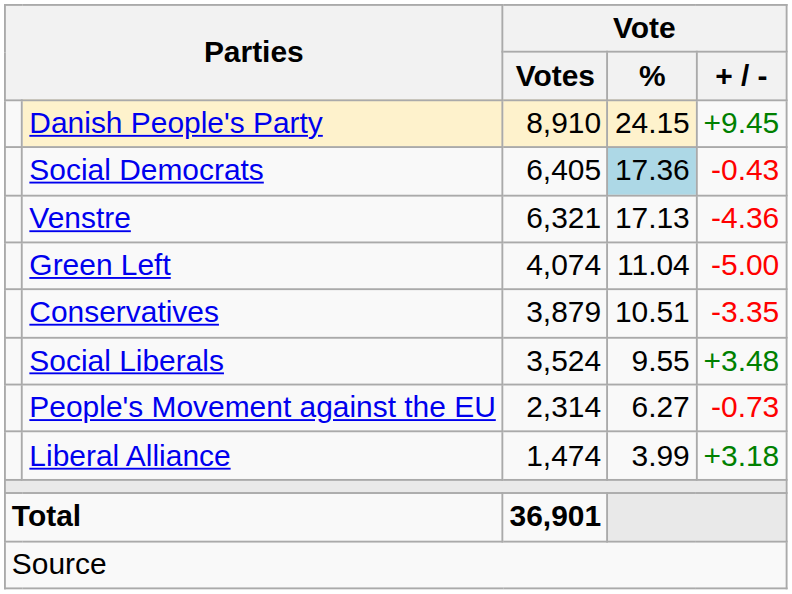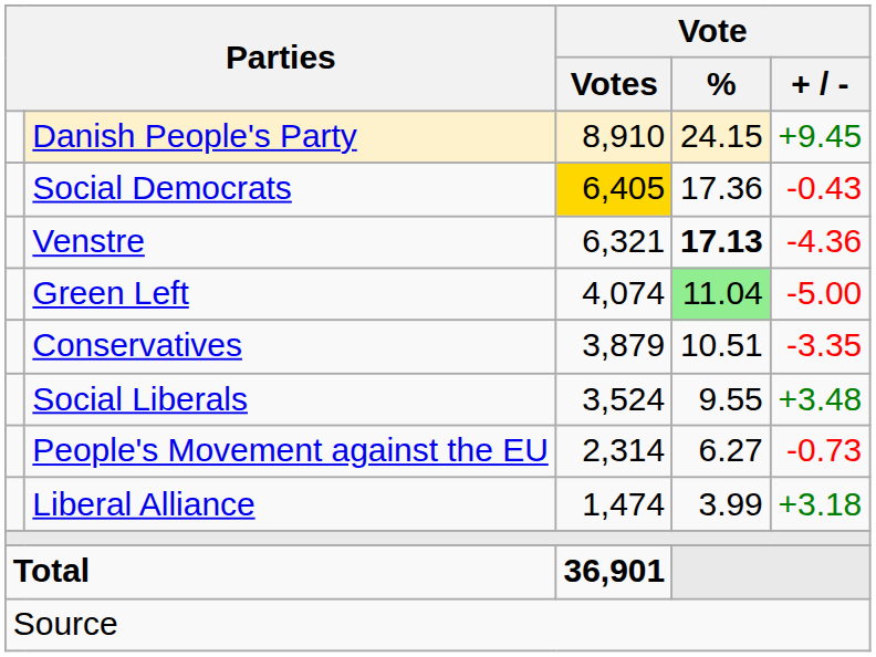 <table class="wikitable" style="text-align:right;">
 <tr>
 <th style="text-align:centre;" rowspan="2" colspan="2" width="225">Parties</th>
 <th colspan="3">Vote</th>
 </tr>
 <tr>
 <th width="15">Votes</th>
 <th width="15">%</th>
 <th width="15">+ / -</th>
 </tr>
 <tr>
 <td width="2" style="color:inherit;background:"></td>
 <td bgcolor=#fef2cc   align="left"><a href='#'>Danish People's Party</a></td>
 <td bgcolor=#fef2cc>8,910</td>
 <td bgcolor=#fef2cc>24.15</td>
 <td style=color:green;>+9.45</td>
 </tr>
 <tr>
 <td width="2" style="color:inherit;background:"></td>
 <td align="left"><a href='#'>Social Democrats</a></td>
-<td>6,405</td>
-<td style="background: lightblue;">17.36</td>
+<td style="background: gold;">6,405</td>
+<td>17.36</td>
 <td style=color:red;>-0.43</td>
 </tr>
 <tr>
 <td width="2" style="color:inherit;background:"></td>
 <td align="left"><a href='#'>Venstre</a></td>
 <td>6,321</td>
-<td>17.13</td>
+<td><strong>17.13</strong></td>
 <td style=color:red;>-4.36</td>
 </tr>
 <tr>
 <td width="2" style="color:inherit;background:"></td>
 <td align="left"><a href='#'>Green Left</a></td>
 <td>4,074</td>
-<td>11.04</td>
+<td style="background: lightgreen;">11.04</td>
 <td style=color:red;>-5.00</td>
 </tr>
 <tr>
 <td width="2" style="color:inherit;background:"></td>
 <td align="left"><a href='#'>Conservatives</a></td>
 <td>3,879</td>
 <td>10.51</td>
 <td style=color:red;>-3.35</td>
 </tr>
 <tr>
 <td width="2" style="color:inherit;background:"></td>
 <td align="left"><a href='#'>Social Liberals</a></td>
 <td>3,524</td>
 <td>9.55</td>
 <td style=color:green;>+3.48</td>
 </tr>
 <tr>
 <td width="2" style="color:inherit;background:"></td>
 <td align="left"><a href='#'>People's Movement against the EU</a></td>
 <td>2,314</td>
 <td>6.27</td>
 <td style=color:red;>-0.73</td>
 </tr>
 <tr>
 <td width="2" style="color:inherit;background:"></td>
 <td align="left"><a href='#'>Liberal Alliance</a></td>
 <td>1,474</td>
 <td>3.99</td>
 <td style=color:green;>+3.18</td>
 </tr>
 <tr>
 <td colspan="7" bgcolor="#E9E9E9"></td>
 </tr>
 <tr>
 <td align="left" colspan="2"><strong>Total</strong></td>
 <td><strong>36,901</strong></td>
 <td bgcolor="#E9E9E9" colspan="2"></td>
 </tr>
 <tr>
 <td align="left" colspan="6">Source</td>
 </tr>
 </table>
